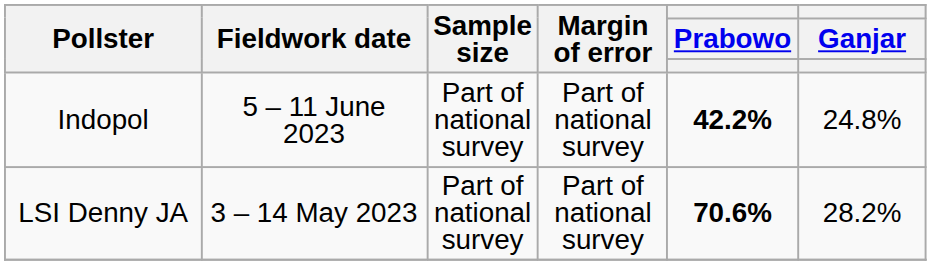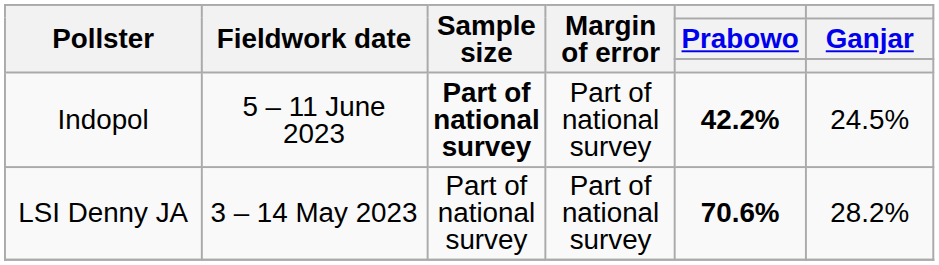 <table class="wikitable" style="text-align:center; font-size:90%; line-height:14px;">
 <tr bgcolor=lightgray>
 <th style="width:95px;" rowspan="3">Pollster</th>
 <th style="width:110px;" rowspan="3">Fieldwork date</th>
 <th style="width:35px;" rowspan="3">Sample size</th>
 <th rowspan="3" style="width:60px;">Margin of error</th>
 <th style="width:60px;"></th>
 <th style="width:60px;"></th>
 </tr>
 <tr>
 <th><a href='#'>Prabowo</a> <br></th>
 <th><a href='#'>Ganjar</a> <br></th>
 </tr>
 <tr>
 <th class="unsortable" style="color:inherit;background:"></th>
 <th class="unsortable" style="color:inherit;background:"></th>
 </tr>
 <tr>
 <td>Indopol</td>
 <td>5 – 11 June 2023</td>
-<td>Part of national survey</td>
+<td><strong>Part of national survey</strong></td>
 <td>Part of national survey</td>
 <td style="background-color:#"><strong>42.2%</strong></td>
-<td>24.8%</td>
+<td>24.5%</td>
 </tr>
 <tr>
 <td>LSI Denny JA</td>
 <td>3 – 14 May 2023</td>
 <td>Part of national survey</td>
 <td>Part of national survey</td>
 <td style="background-color:#"><strong>70.6%</strong></td>
 <td>28.2%</td>
 </tr>
 <tr>
 </tr>
 </table>
